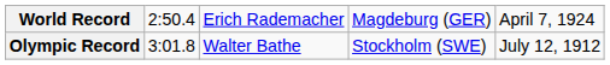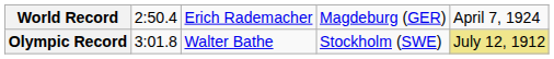 <table class="wikitable" style="font-size:95%;">
 <tr>
 <th>World Record</th>
 <td>2:50.4</td>
 <td> <a href='#'>Erich Rademacher</a></td>
 <td><a href='#'>Magdeburg</a> (<a href='#'>GER</a>)</td>
 <td>April 7, 1924</td>
 </tr>
 <tr>
 <th>Olympic Record</th>
 <td>3:01.8</td>
 <td> <a href='#'>Walter Bathe</a></td>
 <td><a href='#'>Stockholm</a> (<a href='#'>SWE</a>)</td>
-<td>July 12, 1912</td>
+<td style="background: khaki;">July 12, 1912</td>
 </tr>
 </table>
